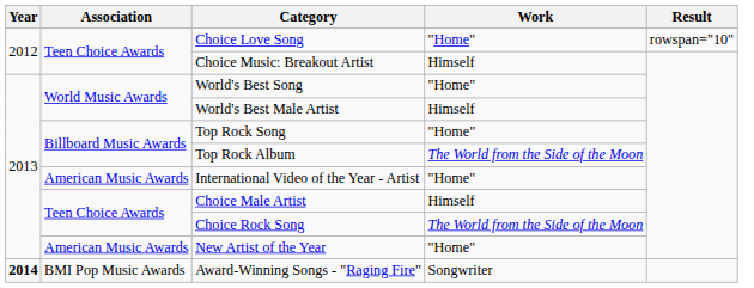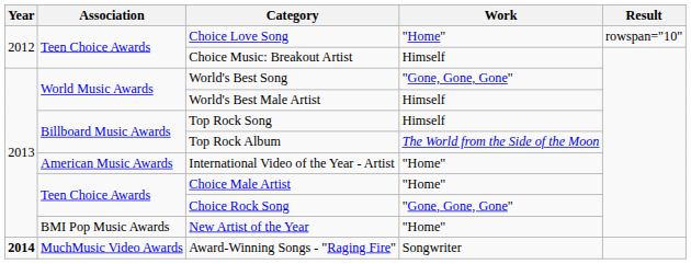 <table class="wikitable">
 <tr>
 <th>Year</th>
 <th>Association</th>
 <th>Category</th>
 <th>Work</th>
 <th>Result</th>
 </tr>
 <tr>
 <td rowspan="2">2012</td>
 <td rowspan="2"><a href='#'>Teen Choice Awards</a></td>
 <td><a href='#'>Choice Love Song</a></td>
 <td>"<a href='#'>Home</a>"</td>
 <td>rowspan="10" </td>
 </tr>
 <tr>
 <td>Choice Music: Breakout Artist</td>
 <td>Himself</td>
 </tr>
 <tr>
 <td rowspan="8">2013</td>
 <td rowspan="2"><a href='#'>World Music Awards</a></td>
 <td>World's Best Song</td>
-<td>"Home"</td>
+<td>"<a href='#'>Gone, Gone, Gone</a>"</td>
 </tr>
 <tr>
 <td>World's Best Male Artist</td>
 <td>Himself</td>
 </tr>
 <tr>
 <td rowspan="2"><a href='#'>Billboard Music Awards</a></td>
 <td>Top Rock Song</td>
-<td>"Home"</td>
+<td>Himself</td>
 </tr>
 <tr>
 <td>Top Rock Album</td>
 <td><em><a href='#'>The World from the Side of the Moon</a></em></td>
 </tr>
 <tr>
 <td><a href='#'>American Music Awards</a></td>
 <td>International Video of the Year - Artist</td>
 <td>"Home"</td>
 </tr>
 <tr>
 <td rowspan="2"><a href='#'>Teen Choice Awards</a></td>
 <td><a href='#'>Choice Male Artist</a></td>
-<td>Himself</td>
+<td>"Home"</td>
 </tr>
 <tr>
 <td><a href='#'>Choice Rock Song</a></td>
-<td><em><a href='#'>The World from the Side of the Moon</a></em></td>
+<td>"<a href='#'>Gone, Gone, Gone</a>"</td>
 </tr>
 <tr>
-<td><a href='#'>American Music Awards</a></td>
+<td>BMI Pop Music Awards</td>
 <td><a href='#'>New Artist of the Year</a></td>
 <td>"Home"</td>
 </tr>
 <tr>
 <td><strong>2014</strong></td>
-<td>BMI Pop Music Awards</td>
+<td><a href='#'>MuchMusic Video Awards</a></td>
 <td>Award-Winning Songs - "<a href='#'>Raging Fire</a>"</td>
 <td>Songwriter</td>
 <td></td>
 </tr>
 </table>
